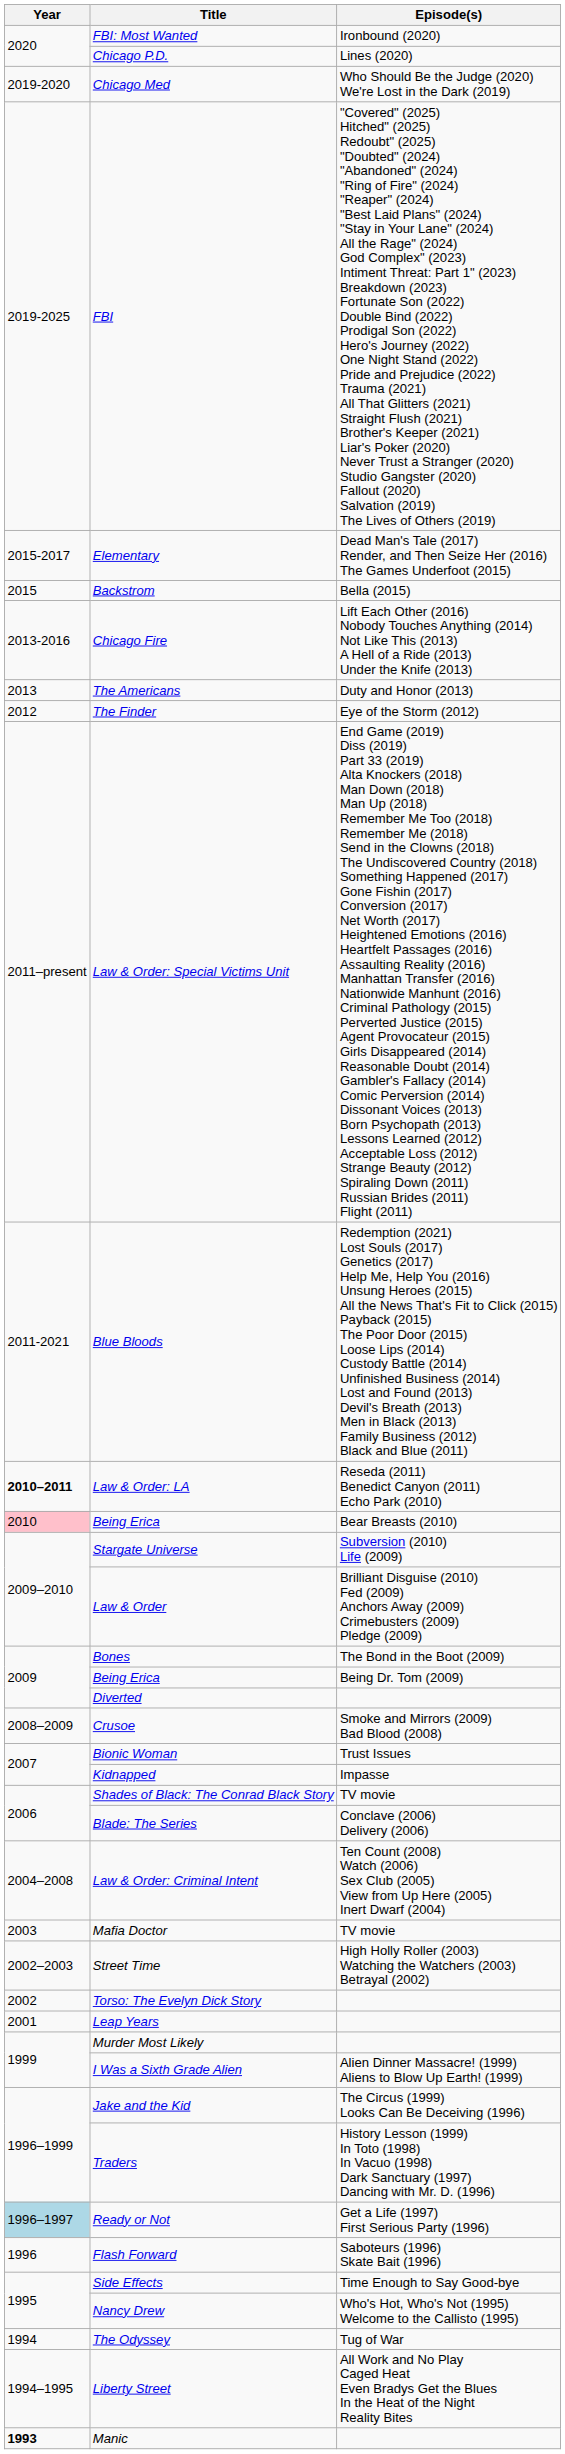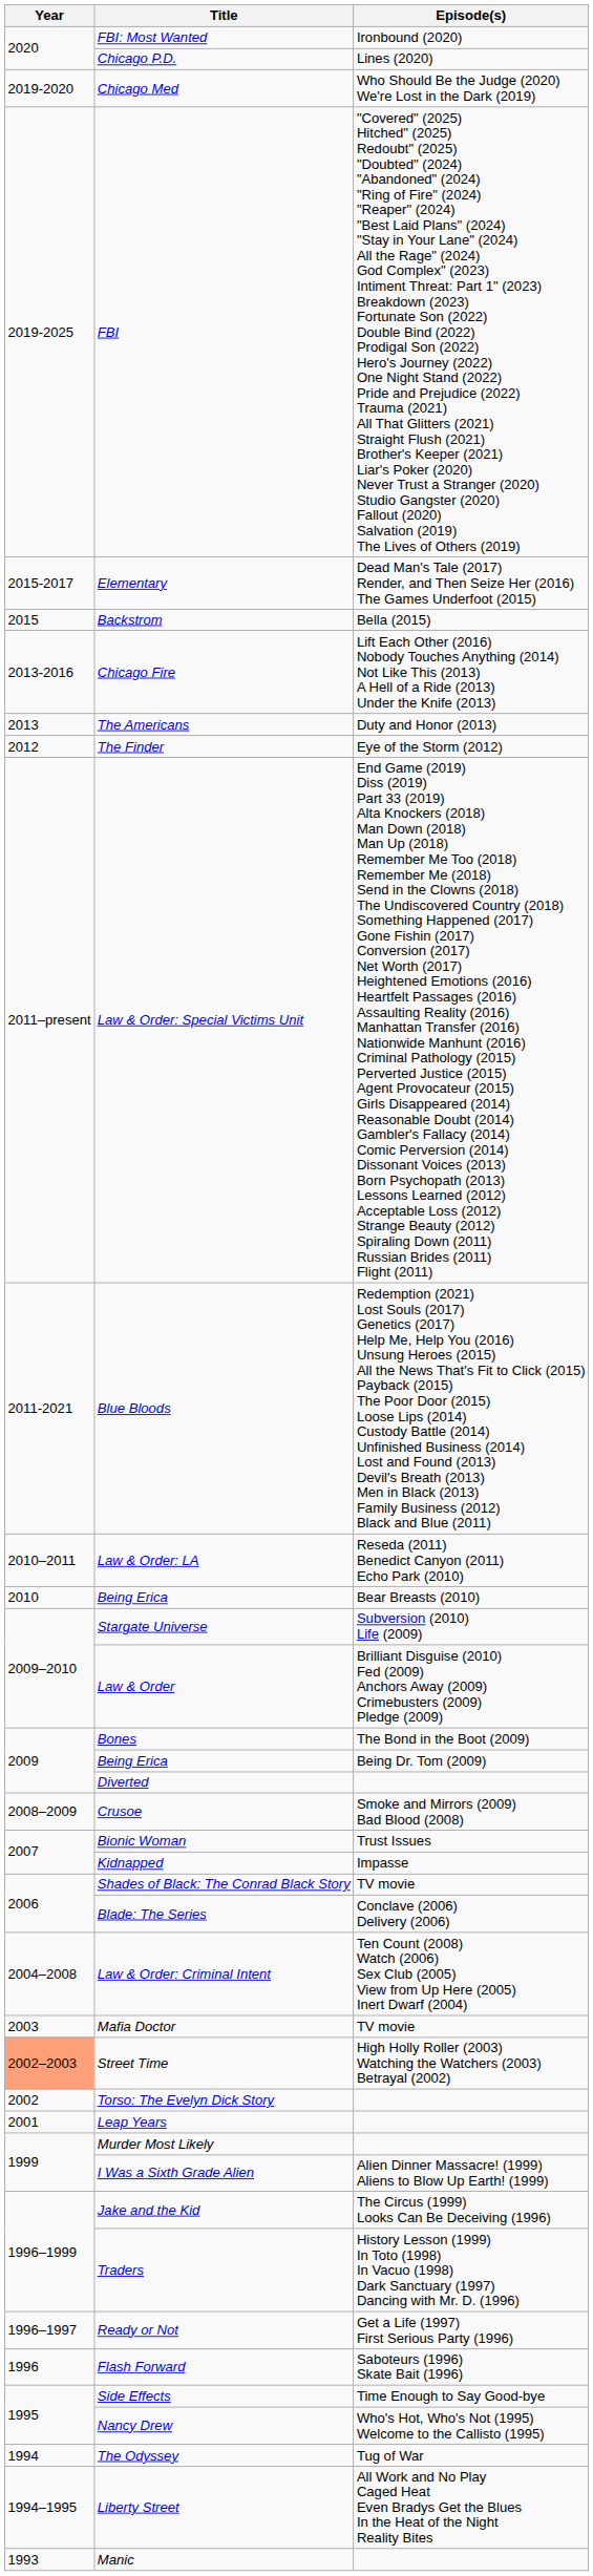 <table class="wikitable" style="font-size: 90%;">
 <tr>
 <th>Year</th>
 <th>Title</th>
 <th>Episode(s)</th>
 </tr>
 <tr>
 <td rowspan=2>2020</td>
 <td><em><a href='#'>FBI: Most Wanted</a></em></td>
 <td>Ironbound (2020)</td>
 </tr>
 <tr>
 <td><em><a href='#'>Chicago P.D.</a></em></td>
 <td>Lines (2020)</td>
 </tr>
 <tr>
 <td>2019-2020</td>
 <td><em><a href='#'>Chicago Med</a></em></td>
 <td>Who Should Be the Judge (2020)<br>We're Lost in the Dark (2019)</td>
 </tr>
 <tr>
 <td>2019-2025</td>
 <td><em><a href='#'>FBI</a></em></td>
 <td>"Covered" (2025)<br>Hitched" (2025)<br>Redoubt" (2025)<br>"Doubted" (2024)<br>"Abandoned" (2024)<br>"Ring of Fire" (2024)<br>"Reaper" (2024)<br>"Best Laid Plans" (2024)<br>"Stay in Your Lane" (2024)<br>All the Rage" (2024)<br>God Complex" (2023)<br>Intiment Threat: Part 1" (2023)<br>Breakdown (2023)<br>Fortunate Son (2022)<br>Double Bind (2022)<br>Prodigal Son (2022)<br>Hero's Journey (2022)<br>One Night Stand (2022)<br>Pride and Prejudice (2022)<br>Trauma (2021)<br>All That Glitters (2021)<br>Straight Flush (2021)<br>Brother's Keeper (2021)<br>Liar's Poker (2020)<br>Never Trust a Stranger (2020)<br>Studio Gangster (2020)<br>Fallout (2020)<br>Salvation (2019)<br>The Lives of Others (2019)</td>
 </tr>
 <tr>
 <td>2015-2017</td>
 <td><em><a href='#'>Elementary</a></em></td>
 <td>Dead Man's Tale (2017)<br>Render, and Then Seize Her (2016)<br>The Games Underfoot (2015)</td>
 </tr>
 <tr>
 <td>2015</td>
 <td><em><a href='#'>Backstrom</a></em></td>
 <td>Bella (2015)</td>
 </tr>
 <tr>
 <td>2013-2016</td>
 <td><em><a href='#'>Chicago Fire</a></em></td>
 <td>Lift Each Other (2016)<br>Nobody Touches Anything (2014)<br>Not Like This (2013)<br>A Hell of a Ride (2013)<br>Under the Knife (2013)</td>
 </tr>
 <tr>
 <td>2013</td>
 <td><em><a href='#'>The Americans</a></em></td>
 <td>Duty and Honor (2013)</td>
 </tr>
 <tr>
 <td>2012</td>
 <td><em><a href='#'>The Finder</a></em></td>
 <td>Eye of the Storm (2012)</td>
 </tr>
 <tr>
 <td>2011–present</td>
 <td><em><a href='#'>Law & Order: Special Victims Unit</a></em></td>
 <td>End Game (2019)<br>Diss (2019)<br>Part 33 (2019)<br>Alta Knockers (2018)<br>Man Down (2018) <br>Man Up (2018) <br>Remember Me Too (2018)<br>Remember Me (2018)<br>Send in the Clowns (2018)<br>The Undiscovered Country (2018)<br>Something Happened (2017)<br>Gone Fishin (2017)<br>Conversion (2017)<br>Net Worth (2017)<br>Heightened Emotions (2016)<br>Heartfelt Passages (2016)<br>Assaulting Reality (2016)<br>Manhattan Transfer (2016)<br>Nationwide Manhunt (2016)<br>Criminal Pathology (2015)<br>Perverted Justice (2015)<br>Agent Provocateur (2015)<br>Girls Disappeared (2014)<br>Reasonable Doubt (2014)<br>Gambler's Fallacy (2014)<br>Comic Perversion (2014)<br>Dissonant Voices (2013)<br>Born Psychopath (2013)<br>Lessons Learned (2012)<br>Acceptable Loss (2012)<br>Strange Beauty (2012)<br>Spiraling Down (2011)<br>Russian Brides (2011)<br>Flight (2011)</td>
 </tr>
 <tr>
 <td>2011-2021</td>
 <td><em><a href='#'>Blue Bloods</a></em></td>
 <td>Redemption (2021)<br>Lost Souls (2017)<br>Genetics (2017)<br>Help Me, Help You (2016)<br>Unsung Heroes (2015)<br>All the News That's Fit to Click (2015)<br>Payback (2015)<br>The Poor Door (2015)<br>Loose Lips (2014)<br>Custody Battle (2014)<br>Unfinished Business (2014)<br>Lost and Found (2013)<br>Devil's Breath (2013)<br>Men in Black (2013)<br>Family Business (2012)<br>Black and Blue (2011)</td>
 </tr>
 <tr>
-<td><strong>2010–2011</strong></td>
+<td>2010–2011</td>
 <td><em><a href='#'>Law & Order: LA</a></em></td>
 <td>Reseda (2011)<br>Benedict Canyon (2011)<br>Echo Park (2010)</td>
 </tr>
 <tr>
-<td style="background: pink;">2010</td>
+<td>2010</td>
 <td><em><a href='#'>Being Erica</a></em></td>
 <td>Bear Breasts (2010)</td>
 </tr>
 <tr>
 <td rowspan="2">2009–2010</td>
 <td><em><a href='#'>Stargate Universe</a></em></td>
 <td><a href='#'>Subversion</a> (2010)<br><a href='#'>Life</a> (2009)</td>
 </tr>
 <tr>
 <td><em><a href='#'>Law & Order</a></em></td>
 <td>Brilliant Disguise (2010)<br>Fed (2009)<br>Anchors Away (2009)<br>Crimebusters (2009)<br>Pledge (2009)</td>
 </tr>
 <tr>
 <td rowspan="3">2009</td>
 <td><em><a href='#'>Bones</a></em></td>
 <td>The Bond in the Boot (2009)</td>
 </tr>
 <tr>
 <td><em><a href='#'>Being Erica</a></em></td>
 <td>Being Dr. Tom (2009)</td>
 </tr>
 <tr>
 <td><em><a href='#'>Diverted</a></em></td>
 <td></td>
 </tr>
 <tr>
 <td>2008–2009</td>
 <td><em><a href='#'>Crusoe</a></em></td>
 <td>Smoke and Mirrors (2009)<br>Bad Blood (2008)</td>
 </tr>
 <tr>
 <td rowspan="2">2007</td>
 <td><em><a href='#'>Bionic Woman</a></em></td>
 <td>Trust Issues</td>
 </tr>
 <tr>
 <td><em><a href='#'>Kidnapped</a></em></td>
 <td>Impasse</td>
 </tr>
 <tr>
 <td rowspan="2">2006</td>
 <td><em><a href='#'>Shades of Black: The Conrad Black Story</a></em></td>
 <td>TV movie</td>
 </tr>
 <tr>
 <td><em><a href='#'>Blade: The Series</a></em></td>
 <td>Conclave (2006)<br>Delivery (2006)</td>
 </tr>
 <tr>
 <td>2004–2008</td>
 <td><em><a href='#'>Law & Order: Criminal Intent</a></em></td>
 <td>Ten Count (2008)<br>Watch (2006)<br>Sex Club (2005)<br>View from Up Here (2005)<br>Inert Dwarf (2004)</td>
 </tr>
 <tr>
 <td>2003</td>
 <td><em>Mafia Doctor</em></td>
 <td>TV movie</td>
 </tr>
 <tr>
-<td>2002–2003</td>
+<td style="background: lightsalmon;">2002–2003</td>
 <td><em>Street Time</em></td>
 <td>High Holly Roller (2003)<br>Watching the Watchers (2003)<br>Betrayal (2002)</td>
 </tr>
 <tr>
 <td>2002</td>
 <td><em><a href='#'>Torso: The Evelyn Dick Story</a></em></td>
 <td></td>
 </tr>
 <tr>
 <td>2001</td>
 <td><em><a href='#'>Leap Years</a></em></td>
 <td></td>
 </tr>
 <tr>
 <td rowspan="2">1999</td>
 <td><em>Murder Most Likely</em></td>
 <td></td>
 </tr>
 <tr>
 <td><em><a href='#'>I Was a Sixth Grade Alien</a></em></td>
 <td>Alien Dinner Massacre! (1999)<br>Aliens to Blow Up Earth! (1999)</td>
 </tr>
 <tr>
 <td rowspan="2">1996–1999</td>
 <td><em><a href='#'>Jake and the Kid</a></em></td>
 <td>The Circus (1999)<br>Looks Can Be Deceiving (1996)</td>
 </tr>
 <tr>
 <td><em><a href='#'>Traders</a></em></td>
 <td>History Lesson (1999)<br>In Toto (1998)<br>In Vacuo (1998)<br>Dark Sanctuary (1997)<br>Dancing with Mr. D. (1996)</td>
 </tr>
 <tr>
-<td style="background: lightblue;">1996–1997</td>
+<td>1996–1997</td>
 <td><em><a href='#'>Ready or Not</a></em></td>
 <td>Get a Life (1997)<br>First Serious Party (1996)</td>
 </tr>
 <tr>
 <td>1996</td>
 <td><em><a href='#'>Flash Forward</a></em></td>
 <td>Saboteurs (1996)<br>Skate Bait (1996)</td>
 </tr>
 <tr>
 <td rowspan="2">1995</td>
 <td><em><a href='#'>Side Effects</a></em></td>
 <td>Time Enough to Say Good-bye</td>
 </tr>
 <tr>
 <td><em><a href='#'>Nancy Drew</a></em></td>
 <td>Who's Hot, Who's Not (1995)<br>Welcome to the Callisto (1995)</td>
 </tr>
 <tr>
 <td>1994</td>
 <td><em><a href='#'>The Odyssey</a></em></td>
 <td>Tug of War</td>
 </tr>
 <tr>
 <td>1994–1995</td>
 <td><em><a href='#'>Liberty Street</a></em></td>
 <td>All Work and No Play<br>Caged Heat<br>Even Bradys Get the Blues<br>In the Heat of the Night<br>Reality Bites</td>
 </tr>
 <tr>
-<td><strong>1993</strong></td>
+<td>1993</td>
 <td><em>Manic</em></td>
 <td></td>
 </tr>
 </table>
